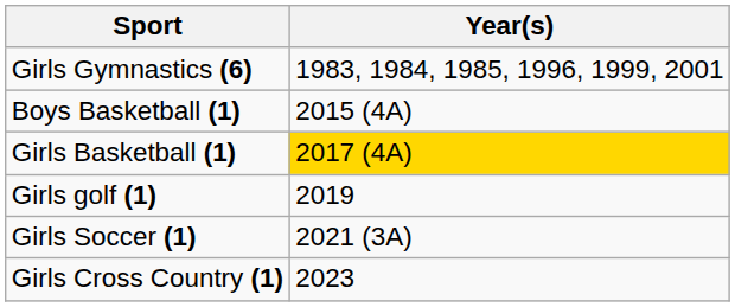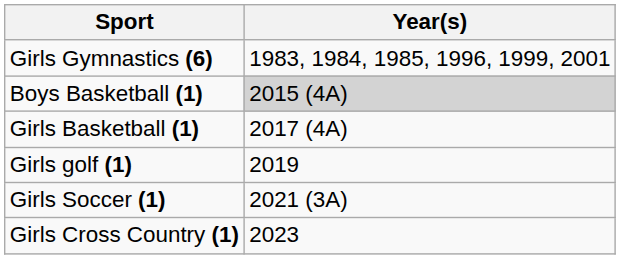 <table class="wikitable">
 <tr>
 <th>Sport</th>
 <th>Year(s)</th>
 </tr>
 <tr>
 <td>Girls Gymnastics <strong>(6)</strong></td>
 <td>1983, 1984, 1985, 1996, 1999, 2001</td>
 </tr>
 <tr>
 <td>Boys Basketball <strong>(1)</strong></td>
-<td>2015 (4A)</td>
+<td style="background: lightgrey;">2015 (4A)</td>
 </tr>
 <tr>
 <td>Girls Basketball <strong>(1)</strong></td>
-<td style="background: gold;">2017 (4A)</td>
+<td>2017 (4A)</td>
 </tr>
 <tr>
 <td>Girls golf <strong>(1)</strong></td>
 <td>2019</td>
 </tr>
 <tr>
 <td>Girls Soccer <strong>(1)</strong></td>
 <td>2021 (3A)</td>
 </tr>
 <tr>
 <td>Girls Cross Country <strong>(1)</strong></td>
 <td>2023</td>
 </tr>
 </table>
